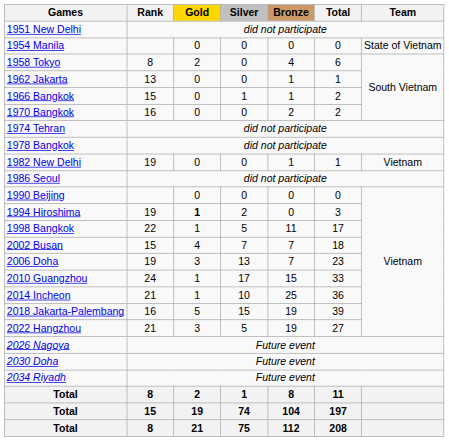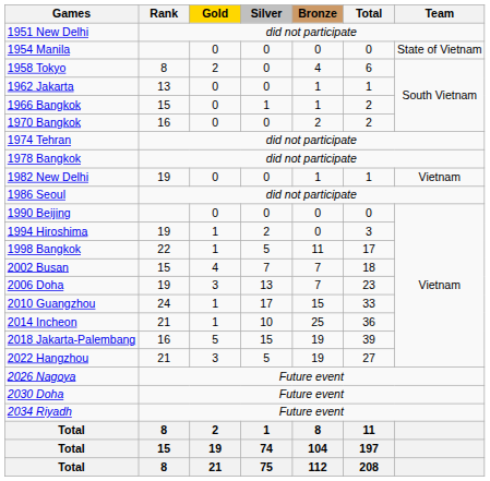 <table class="wikitable" style="text-align:center; font-size:90%;">
 <tr>
 <th>Games</th>
 <th style="width:4em;">Rank</th>
 <th style="background:gold; width:4em;"><strong>Gold</strong></th>
 <th style="background:silver; width:4em;"><strong>Silver</strong></th>
 <th style="background:#cc9966; width:4em;"><strong>Bronze</strong></th>
 <th style="width:4em;">Total</th>
 <th>Team</th>
 </tr>
 <tr>
 <td align=left> <a href='#'>1951 New Delhi</a></td>
 <td colspan=6><em>did not participate</em></td>
 </tr>
 <tr>
 <td align=left> <a href='#'>1954 Manila</a></td>
 <td></td>
 <td>0</td>
 <td>0</td>
 <td>0</td>
 <td>0</td>
 <td> State of Vietnam</td>
 </tr>
 <tr>
 <td align=left> <a href='#'>1958 Tokyo</a></td>
 <td>8</td>
 <td>2</td>
 <td>0</td>
 <td>4</td>
 <td>6</td>
 <td rowspan=4> South Vietnam</td>
 </tr>
 <tr>
 <td align=left> <a href='#'>1962 Jakarta</a></td>
 <td>13</td>
 <td>0</td>
 <td>0</td>
 <td>1</td>
 <td>1</td>
 </tr>
 <tr>
 <td align=left> <a href='#'>1966 Bangkok</a></td>
 <td>15</td>
 <td>0</td>
 <td>1</td>
 <td>1</td>
 <td>2</td>
 </tr>
 <tr>
 <td align=left> <a href='#'>1970 Bangkok</a></td>
 <td>16</td>
 <td>0</td>
 <td>0</td>
 <td>2</td>
 <td>2</td>
 </tr>
 <tr>
 <td align=left> <a href='#'>1974 Tehran</a></td>
 <td colspan=6><em>did not participate</em></td>
 </tr>
 <tr>
 <td align=left> <a href='#'>1978 Bangkok</a></td>
 <td colspan=6><em>did not participate</em></td>
 </tr>
 <tr>
 <td align=left> <a href='#'>1982 New Delhi</a></td>
 <td>19</td>
 <td>0</td>
 <td>0</td>
 <td>1</td>
 <td>1</td>
 <td> Vietnam</td>
 </tr>
 <tr>
 <td align=left> <a href='#'>1986 Seoul</a></td>
 <td colspan=6><em>did not participate</em></td>
 </tr>
 <tr>
 <td align=left> <a href='#'>1990 Beijing</a></td>
 <td></td>
 <td>0</td>
 <td>0</td>
 <td>0</td>
 <td>0</td>
 <td rowspan=9> Vietnam</td>
 </tr>
 <tr>
 <td align=left> <a href='#'>1994 Hiroshima</a></td>
 <td>19</td>
-<td><strong>1</strong></td>
+<td>1</td>
 <td>2</td>
 <td>0</td>
 <td>3</td>
 </tr>
 <tr>
 <td align=left> <a href='#'>1998 Bangkok</a></td>
 <td>22</td>
 <td>1</td>
 <td>5</td>
 <td>11</td>
 <td>17</td>
 </tr>
 <tr>
 <td align=left> <a href='#'>2002 Busan</a></td>
 <td>15</td>
 <td>4</td>
 <td>7</td>
 <td>7</td>
 <td>18</td>
 </tr>
 <tr>
 <td align=left> <a href='#'>2006 Doha</a></td>
 <td>19</td>
 <td>3</td>
 <td>13</td>
 <td>7</td>
 <td>23</td>
 </tr>
 <tr>
 <td align=left> <a href='#'>2010 Guangzhou</a></td>
 <td>24</td>
 <td>1</td>
 <td>17</td>
 <td>15</td>
 <td>33</td>
 </tr>
 <tr>
 <td align=left> <a href='#'>2014 Incheon</a></td>
 <td>21</td>
 <td>1</td>
 <td>10</td>
 <td>25</td>
 <td>36</td>
 </tr>
 <tr>
 <td align=left> <a href='#'>2018 Jakarta-Palembang</a></td>
 <td>16</td>
 <td>5</td>
 <td>15</td>
 <td>19</td>
 <td>39</td>
 </tr>
 <tr>
 <td align=left> <a href='#'>2022 Hangzhou</a></td>
 <td>21</td>
 <td>3</td>
 <td>5</td>
 <td>19</td>
 <td>27</td>
 </tr>
 <tr>
 <td align=left> <em><a href='#'>2026 Nagoya</a></em></td>
 <td colspan=6><em>Future event</em></td>
 </tr>
 <tr>
 <td align=left> <em><a href='#'>2030 Doha</a></em></td>
 <td colspan=6><em>Future event</em></td>
 </tr>
 <tr>
 <td align=left> <em><a href='#'>2034 Riyadh</a></em></td>
 <td colspan=6><em>Future event</em></td>
 </tr>
 <tr>
 <th> Total</th>
 <th>8</th>
 <th>2</th>
 <th>1</th>
 <th>8</th>
 <th>11</th>
 <th></th>
 </tr>
 <tr>
 <th> Total</th>
 <th>15</th>
 <th>19</th>
 <th>74</th>
 <th>104</th>
 <th>197</th>
 <th></th>
 </tr>
 <tr>
 <th>  Total</th>
 <th>8</th>
 <th>21</th>
 <th>75</th>
 <th>112</th>
 <th>208</th>
 <th></th>
 </tr>
 </table>
